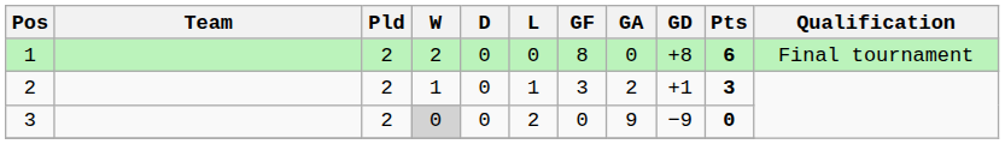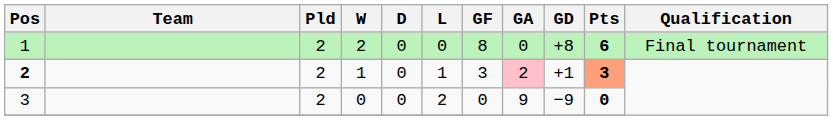 <table class="wikitable" border="1" style="text-align: center;">
 <tr>
 <th width="25"><abbr>Pos</abbr></th>
 <th width="190">Team</th>
 <th width="25"><abbr>Pld</abbr></th>
 <th width="25"><abbr>W</abbr></th>
 <th width="25"><abbr>D</abbr></th>
 <th width="25"><abbr>L</abbr></th>
 <th width="25"><abbr>GF</abbr></th>
 <th width="25"><abbr>GA</abbr></th>
 <th width="25"><abbr>GD</abbr></th>
 <th width="25"><abbr>Pts</abbr></th>
 <th width="150">Qualification</th>
 </tr>
 <tr bgcolor = #BBF3BB>
 <td>1</td>
 <td align="left"></td>
 <td>2</td>
 <td>2</td>
 <td>0</td>
 <td>0</td>
 <td>8</td>
 <td>0</td>
 <td>+8</td>
 <td><strong>6</strong></td>
 <td>Final tournament</td>
 </tr>
 <tr>
-<td>2</td>
+<td><strong>2</strong></td>
 <td align="left"></td>
 <td>2</td>
 <td>1</td>
 <td>0</td>
 <td>1</td>
 <td>3</td>
-<td>2</td>
+<td style="background: pink;">2</td>
 <td>+1</td>
-<td><strong>3</strong></td>
+<td style="background: lightsalmon;"><strong>3</strong></td>
 </tr>
 <tr>
 <td>3</td>
 <td align="left"></td>
 <td>2</td>
-<td style="background: lightgrey;">0</td>
+<td>0</td>
 <td>0</td>
 <td>2</td>
 <td>0</td>
 <td>9</td>
 <td>−9</td>
 <td><strong>0</strong></td>
 </tr>
 <tr>
 </tr>
 </table>
